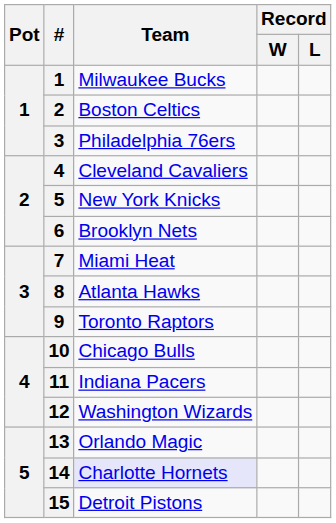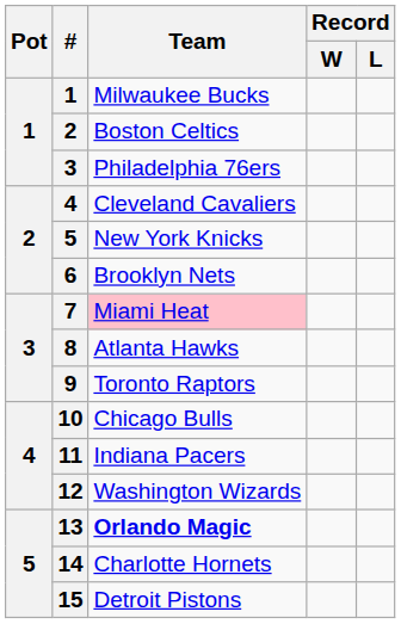 <table class="wikitable">
 <tr>
 <th scope="col" rowspan="2">Pot</th>
 <th rowspan="2" scope="col">#</th>
 <th rowspan="2" scope="col">Team</th>
 <th scope="colgroup" colspan="2">Record</th>
 </tr>
 <tr>
 <th scope="col">W</th>
 <th scope="col">L</th>
 </tr>
 <tr>
 <th rowspan="3">1</th>
 <th>1</th>
 <td scope="row"><a href='#'>Milwaukee Bucks</a></td>
 <td></td>
 <td></td>
 </tr>
 <tr>
 <th>2</th>
 <td scope="row"><a href='#'>Boston Celtics</a></td>
 <td></td>
 <td></td>
 </tr>
 <tr>
 <th>3</th>
 <td scope="row"><a href='#'>Philadelphia 76ers</a></td>
 <td></td>
 <td></td>
 </tr>
 <tr>
 <th rowspan="3">2</th>
 <th>4</th>
 <td scope="row"><a href='#'>Cleveland Cavaliers</a></td>
 <td></td>
 <td></td>
 </tr>
 <tr>
 <th>5</th>
 <td scope="row"><a href='#'>New York Knicks</a></td>
 <td></td>
 <td></td>
 </tr>
 <tr>
 <th>6</th>
 <td scope="row"><a href='#'>Brooklyn Nets</a></td>
 <td></td>
 <td></td>
 </tr>
 <tr>
 <th rowspan="3">3</th>
 <th>7</th>
-<td scope="row"><a href='#'>Miami Heat</a></td>
+<td scope="row" style="background: pink;"><a href='#'>Miami Heat</a></td>
 <td></td>
 <td></td>
 </tr>
 <tr>
 <th>8</th>
 <td scope="row"><a href='#'>Atlanta Hawks</a></td>
 <td></td>
 <td></td>
 </tr>
 <tr>
 <th>9</th>
 <td scope="row"><a href='#'>Toronto Raptors</a></td>
 <td></td>
 <td></td>
 </tr>
 <tr>
 <th rowspan="3">4</th>
 <th>10</th>
 <td scope="row"><a href='#'>Chicago Bulls</a></td>
 <td></td>
 <td></td>
 </tr>
 <tr>
 <th>11</th>
 <td scope="row"><a href='#'>Indiana Pacers</a></td>
 <td></td>
 <td></td>
 </tr>
 <tr>
 <th>12</th>
 <td scope="row"><a href='#'>Washington Wizards</a></td>
 <td></td>
 <td></td>
 </tr>
 <tr>
 <th rowspan="3">5</th>
 <th>13</th>
-<td scope="row"><a href='#'>Orlando Magic</a></td>
+<td scope="row"><strong><a href='#'>Orlando Magic</a></strong></td>
 <td></td>
 <td></td>
 </tr>
 <tr>
 <th>14</th>
-<td scope="row" style="background: lavender;"><a href='#'>Charlotte Hornets</a></td>
+<td scope="row"><a href='#'>Charlotte Hornets</a></td>
 <td></td>
 <td></td>
 </tr>
 <tr>
 <th>15</th>
 <td scope="row"><a href='#'>Detroit Pistons</a></td>
 <td></td>
 <td></td>
 </tr>
 </table>
